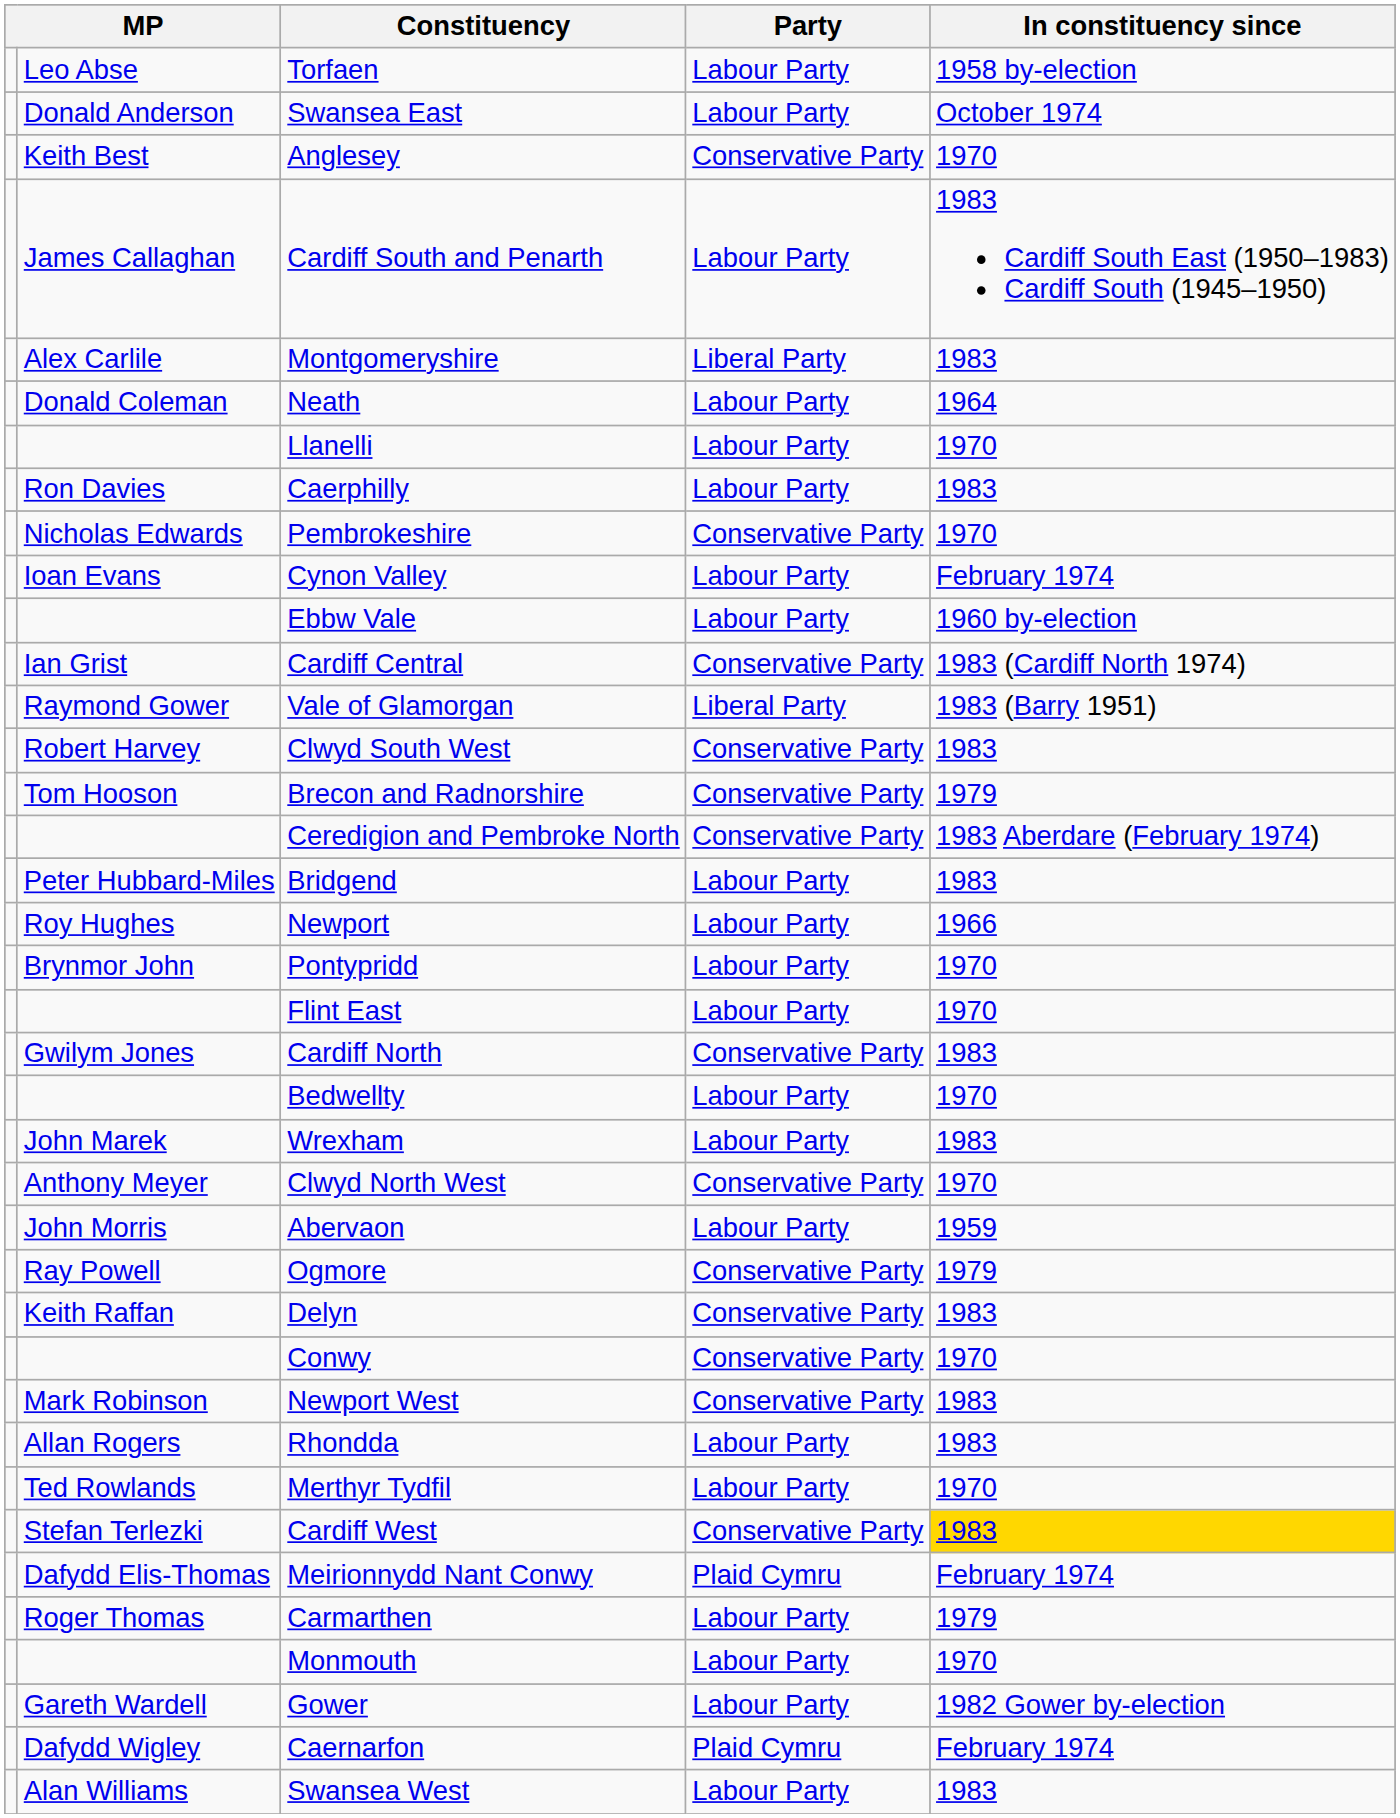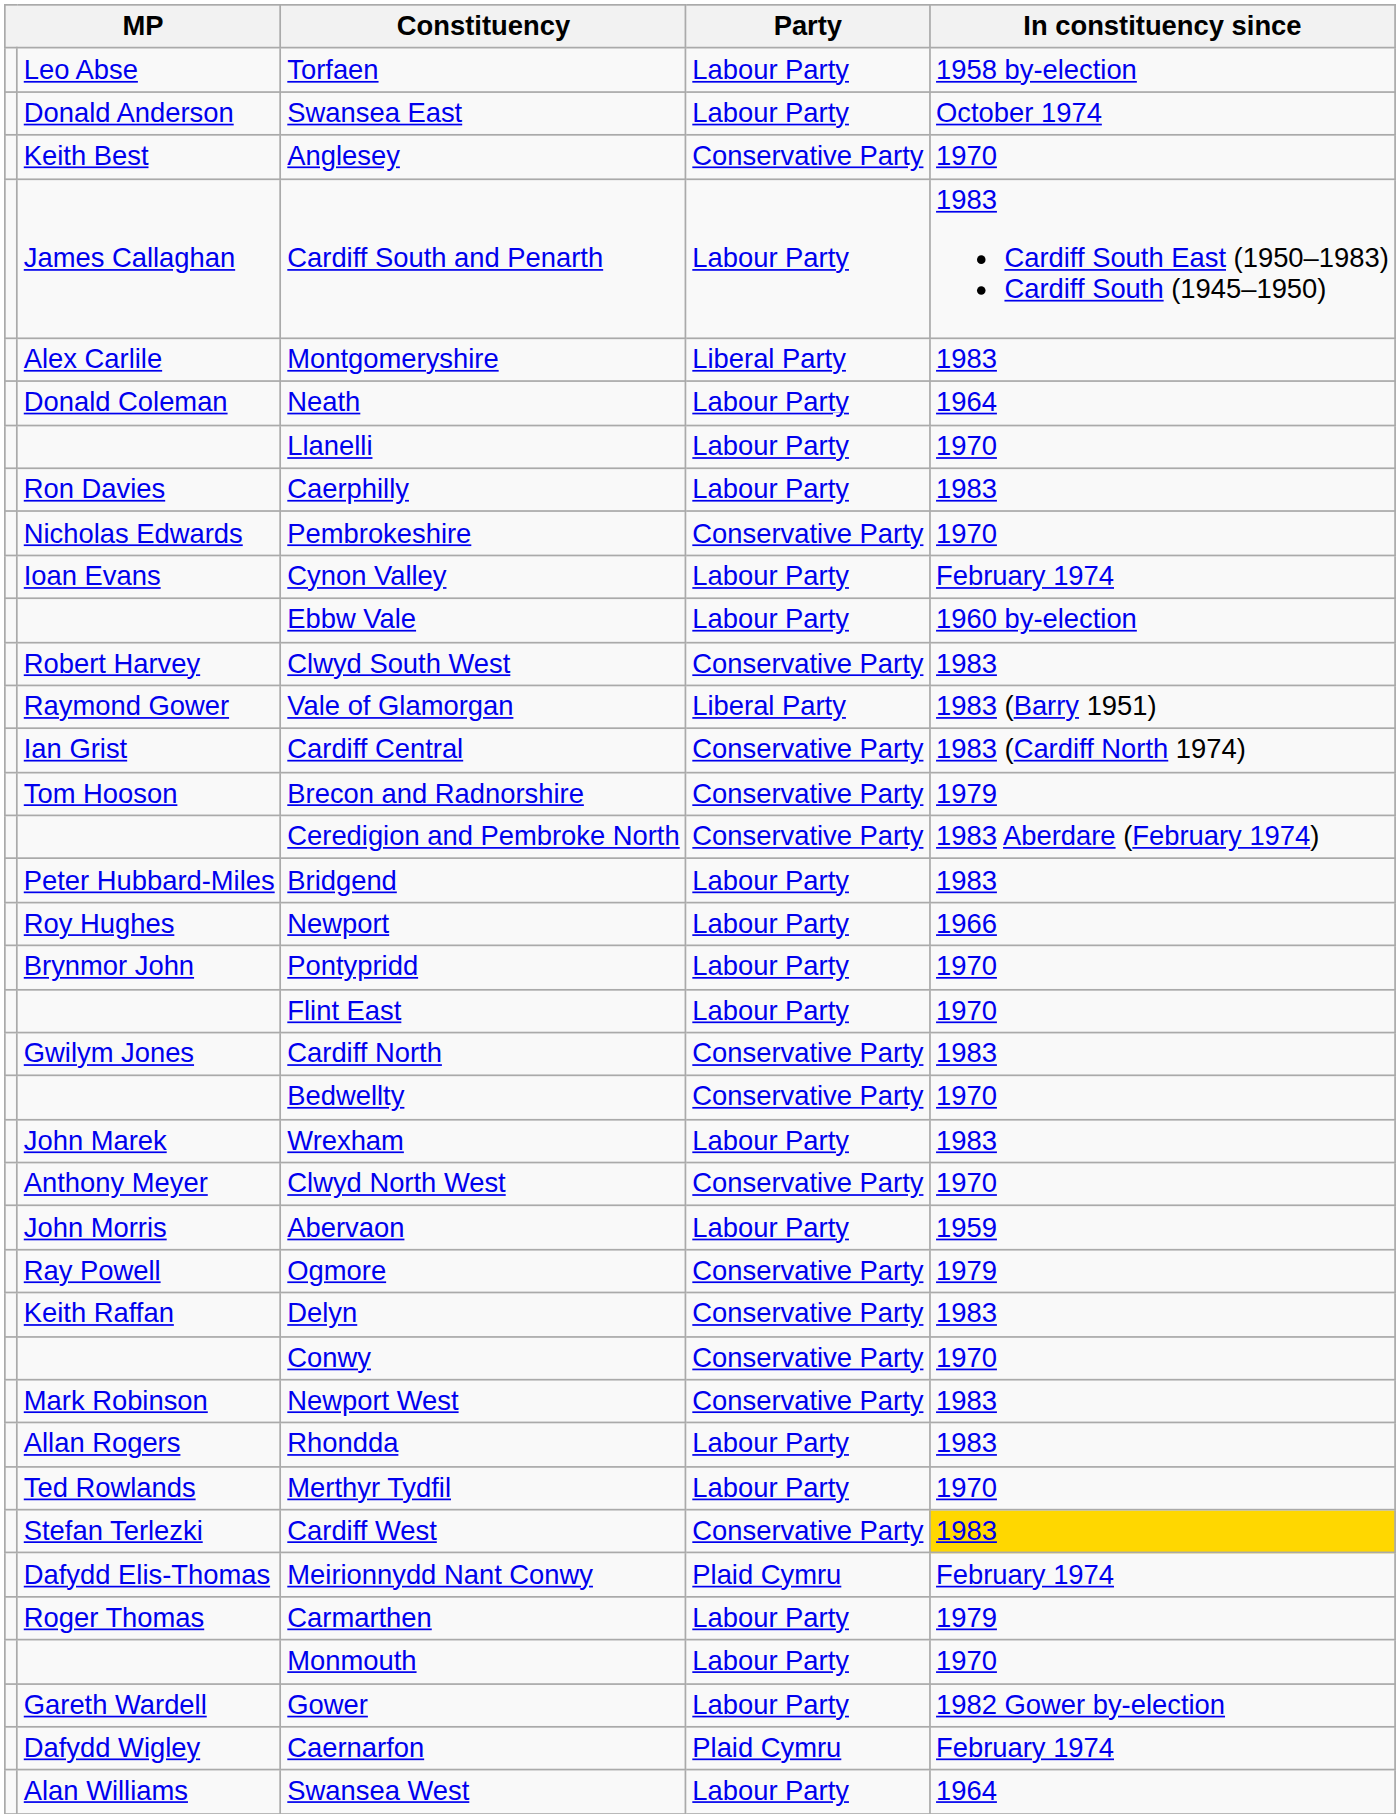 <table class="wikitable sortable">
 <tr>
 <th colspan="2">MP</th>
 <th>Constituency</th>
 <th>Party</th>
 <th>In constituency since</th>
 </tr>
 <tr>
 <td style="color:inherit;background-color: "></td>
 <td><a href='#'>Leo Abse</a></td>
 <td><a href='#'>Torfaen</a></td>
 <td><a href='#'>Labour Party</a></td>
 <td><a href='#'>1958 by-election</a></td>
 </tr>
 <tr>
 <td style="color:inherit;background-color: "></td>
 <td><a href='#'>Donald Anderson</a></td>
 <td><a href='#'>Swansea East</a></td>
 <td><a href='#'>Labour Party</a></td>
 <td><a href='#'>October 1974</a></td>
 </tr>
 <tr>
 <td style="color:inherit;background-color: "></td>
 <td><a href='#'>Keith Best</a></td>
 <td><a href='#'>Anglesey</a></td>
 <td><a href='#'>Conservative Party</a></td>
 <td><a href='#'>1970</a></td>
 </tr>
 <tr>
 <td style="color:inherit;background-color: "></td>
 <td><a href='#'>James Callaghan</a></td>
 <td><a href='#'>Cardiff South and Penarth</a></td>
 <td><a href='#'>Labour Party</a></td>
 <td><a href='#'>1983</a><br><ul><li><a href='#'>Cardiff South East</a> (1950–1983)</li><li><a href='#'>Cardiff South</a> (1945–1950)</li></ul></td>
 </tr>
 <tr>
 <td style="color:inherit;background:"></td>
 <td><a href='#'>Alex Carlile</a></td>
 <td><a href='#'>Montgomeryshire</a></td>
 <td><a href='#'>Liberal Party</a></td>
 <td><a href='#'>1983</a></td>
 </tr>
 <tr>
 <td style="color:inherit;background-color: "></td>
 <td><a href='#'>Donald Coleman</a></td>
 <td><a href='#'>Neath</a></td>
 <td><a href='#'>Labour Party</a></td>
 <td><a href='#'>1964</a></td>
 </tr>
 <tr>
 <td style="color:inherit;background-color: "></td>
 <td></td>
 <td><a href='#'>Llanelli</a></td>
 <td><a href='#'>Labour Party</a></td>
 <td><a href='#'>1970</a></td>
 </tr>
 <tr>
 <td style="color:inherit;background-color: "></td>
 <td><a href='#'>Ron Davies</a></td>
 <td><a href='#'>Caerphilly</a></td>
 <td><a href='#'>Labour Party</a></td>
 <td><a href='#'>1983</a></td>
 </tr>
 <tr>
 <td style="color:inherit;background-color: "></td>
 <td><a href='#'>Nicholas Edwards</a></td>
 <td><a href='#'>Pembrokeshire</a></td>
 <td><a href='#'>Conservative Party</a></td>
 <td><a href='#'>1970</a></td>
 </tr>
 <tr>
 <td style="color:inherit;background-color: "></td>
 <td><a href='#'>Ioan Evans</a></td>
 <td><a href='#'>Cynon Valley</a></td>
 <td><a href='#'>Labour Party</a></td>
 <td><a href='#'>February 1974</a></td>
 </tr>
 <tr>
 <td style="color:inherit;background-color: "></td>
 <td></td>
 <td><a href='#'>Ebbw Vale</a></td>
 <td><a href='#'>Labour Party</a></td>
 <td><a href='#'>1960 by-election</a></td>
 </tr>
 <tr>
 <td style="color:inherit;background-color: "></td>
-<td><a href='#'>Ian Grist</a></td>
-<td><a href='#'>Cardiff Central</a></td>
+<td><a href='#'>Robert Harvey</a></td>
+<td><a href='#'>Clwyd South West</a></td>
 <td><a href='#'>Conservative Party</a></td>
-<td><a href='#'>1983</a> (<a href='#'>Cardiff North</a> 1974)</td>
+<td><a href='#'>1983</a></td>
 </tr>
 <tr>
 <td style="color:inherit;background-color: "></td>
 <td><a href='#'>Raymond Gower</a></td>
 <td><a href='#'>Vale of Glamorgan</a></td>
 <td><a href='#'>Liberal Party</a></td>
 <td><a href='#'>1983</a> (<a href='#'>Barry</a> 1951)</td>
 </tr>
 <tr>
 <td style="color:inherit;background-color: "></td>
-<td><a href='#'>Robert Harvey</a></td>
-<td><a href='#'>Clwyd South West</a></td>
+<td><a href='#'>Ian Grist</a></td>
+<td><a href='#'>Cardiff Central</a></td>
 <td><a href='#'>Conservative Party</a></td>
-<td><a href='#'>1983</a></td>
+<td><a href='#'>1983</a> (<a href='#'>Cardiff North</a> 1974)</td>
 </tr>
 <tr>
 <td style="color:inherit;background-color: "></td>
 <td><a href='#'>Tom Hooson</a></td>
 <td><a href='#'>Brecon and Radnorshire</a></td>
 <td><a href='#'>Conservative Party</a></td>
 <td><a href='#'>1979</a></td>
 </tr>
 <tr>
 <td style="color:inherit;background-color: "></td>
 <td></td>
 <td><a href='#'>Ceredigion and Pembroke North</a></td>
 <td><a href='#'>Conservative Party</a></td>
 <td><a href='#'>1983</a> <a href='#'>Aberdare</a> (<a href='#'>February 1974</a>)</td>
 </tr>
 <tr>
 <td style="color:inherit;background-color: "></td>
 <td><a href='#'>Peter Hubbard-Miles</a></td>
 <td><a href='#'>Bridgend</a></td>
 <td><a href='#'>Labour Party</a></td>
 <td><a href='#'>1983</a></td>
 </tr>
 <tr>
 <td style="color:inherit;background-color: "></td>
 <td><a href='#'>Roy Hughes</a></td>
 <td><a href='#'>Newport</a></td>
 <td><a href='#'>Labour Party</a></td>
 <td><a href='#'>1966</a></td>
 </tr>
 <tr>
 <td style="color:inherit;background-color: "></td>
 <td><a href='#'>Brynmor John</a></td>
 <td><a href='#'>Pontypridd</a></td>
 <td><a href='#'>Labour Party</a></td>
 <td><a href='#'>1970</a></td>
 </tr>
 <tr>
 <td style="color:inherit;background-color: "></td>
 <td></td>
 <td><a href='#'>Flint East</a></td>
 <td><a href='#'>Labour Party</a></td>
 <td><a href='#'>1970</a></td>
 </tr>
 <tr>
 <td style="color:inherit;background-color: "></td>
 <td><a href='#'>Gwilym Jones</a></td>
 <td><a href='#'>Cardiff North</a></td>
 <td><a href='#'>Conservative Party</a></td>
 <td><a href='#'>1983</a></td>
 </tr>
 <tr>
 <td style="color:inherit;background-color: "></td>
 <td></td>
 <td><a href='#'>Bedwellty</a></td>
-<td><a href='#'>Labour Party</a></td>
+<td><a href='#'>Conservative Party</a></td>
 <td><a href='#'>1970</a></td>
 </tr>
 <tr>
 <td style="color:inherit;background-color: "></td>
 <td><a href='#'>John Marek</a></td>
 <td><a href='#'>Wrexham</a></td>
 <td><a href='#'>Labour Party</a></td>
 <td><a href='#'>1983</a></td>
 </tr>
 <tr>
 <td style="color:inherit;background-color: "></td>
 <td><a href='#'>Anthony Meyer</a></td>
 <td><a href='#'>Clwyd North West</a></td>
 <td><a href='#'>Conservative Party</a></td>
 <td><a href='#'>1970</a></td>
 </tr>
 <tr>
 <td style="color:inherit;background-color: "></td>
 <td><a href='#'>John Morris</a></td>
 <td><a href='#'>Abervaon</a></td>
 <td><a href='#'>Labour Party</a></td>
 <td><a href='#'>1959</a></td>
 </tr>
 <tr>
 <td style="color:inherit;background-color: "></td>
 <td><a href='#'>Ray Powell</a></td>
 <td><a href='#'>Ogmore</a></td>
 <td><a href='#'>Conservative Party</a></td>
 <td><a href='#'>1979</a></td>
 </tr>
 <tr>
 <td style="color:inherit;background-color: "></td>
 <td><a href='#'>Keith Raffan</a></td>
 <td><a href='#'>Delyn</a></td>
 <td><a href='#'>Conservative Party</a></td>
 <td><a href='#'>1983</a></td>
 </tr>
 <tr>
 <td style="color:inherit;background-color: "></td>
 <td></td>
 <td><a href='#'>Conwy</a></td>
 <td><a href='#'>Conservative Party</a></td>
 <td><a href='#'>1970</a></td>
 </tr>
 <tr>
 <td style="color:inherit;background-color: "></td>
 <td><a href='#'>Mark Robinson</a></td>
 <td><a href='#'>Newport West</a></td>
 <td><a href='#'>Conservative Party</a></td>
 <td><a href='#'>1983</a></td>
 </tr>
 <tr>
 <td style="color:inherit;background-color: "></td>
 <td><a href='#'>Allan Rogers</a></td>
 <td><a href='#'>Rhondda</a></td>
 <td><a href='#'>Labour Party</a></td>
 <td><a href='#'>1983</a></td>
 </tr>
 <tr>
 <td style="color:inherit;background-color: "></td>
 <td><a href='#'>Ted Rowlands</a></td>
 <td><a href='#'>Merthyr Tydfil</a></td>
 <td><a href='#'>Labour Party</a></td>
 <td><a href='#'>1970</a></td>
 </tr>
 <tr>
 <td style="color:inherit;background-color: "></td>
 <td><a href='#'>Stefan Terlezki</a></td>
 <td><a href='#'>Cardiff West</a></td>
 <td><a href='#'>Conservative Party</a></td>
 <td style="background: gold;"><a href='#'>1983</a></td>
 </tr>
 <tr>
 <td style="color:inherit;background-color: "></td>
 <td><a href='#'>Dafydd Elis-Thomas</a></td>
 <td><a href='#'>Meirionnydd Nant Conwy</a></td>
 <td><a href='#'>Plaid Cymru</a></td>
 <td><a href='#'>February 1974</a></td>
 </tr>
 <tr>
 <td style="color:inherit;background-color: "></td>
 <td><a href='#'>Roger Thomas</a></td>
 <td><a href='#'>Carmarthen</a></td>
 <td><a href='#'>Labour Party</a></td>
 <td><a href='#'>1979</a></td>
 </tr>
 <tr>
 <td style="color:inherit;background-color: "></td>
 <td></td>
 <td><a href='#'>Monmouth</a></td>
 <td><a href='#'>Labour Party</a></td>
 <td><a href='#'>1970</a></td>
 </tr>
 <tr>
 <td style="color:inherit;background-color: "></td>
 <td><a href='#'>Gareth Wardell</a></td>
 <td><a href='#'>Gower</a></td>
 <td><a href='#'>Labour Party</a></td>
 <td><a href='#'>1982 Gower by-election</a></td>
 </tr>
 <tr>
 <td style="color:inherit;background-color: "></td>
 <td><a href='#'>Dafydd Wigley</a></td>
 <td><a href='#'>Caernarfon</a></td>
 <td><a href='#'>Plaid Cymru</a></td>
 <td><a href='#'>February 1974</a></td>
 </tr>
 <tr>
 <td style="color:inherit;background-color: "></td>
 <td><a href='#'>Alan Williams</a></td>
 <td><a href='#'>Swansea West</a></td>
 <td><a href='#'>Labour Party</a></td>
-<td><a href='#'>1983</a></td>
+<td><a href='#'>1964</a></td>
 </tr>
 </table>
